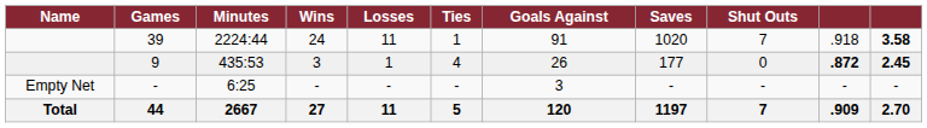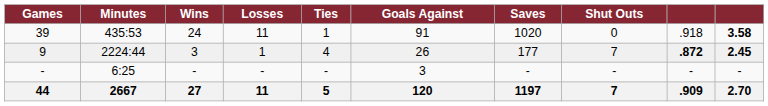 <table class="wikitable sortable" width ="1000">
 <tr align="center">
-<th style="color:white; background:#862633; ">Name</th>
 <th style="color:white; background:#862633; ">Games</th>
 <th style="color:white; background:#862633; ">Minutes</th>
 <th style="color:white; background:#862633; ">Wins</th>
 <th style="color:white; background:#862633; ">Losses</th>
 <th style="color:white; background:#862633; ">Ties</th>
 <th style="color:white; background:#862633; ">Goals Against</th>
 <th style="color:white; background:#862633; ">Saves</th>
 <th style="color:white; background:#862633; ">Shut Outs</th>
 <th style="color:white; background:#862633; "><a href='#'></a></th>
 <th style="color:white; background:#862633; "><a href='#'></a></th>
 </tr>
 <tr align="center" bgcolor="">
-<td></td>
 <td>39</td>
-<td>2224:44</td>
+<td>435:53</td>
 <td>24</td>
 <td>11</td>
 <td>1</td>
 <td>91</td>
 <td>1020</td>
-<td>7</td>
+<td>0</td>
 <td>.918</td>
 <td><strong>3.58</strong></td>
 </tr>
 <tr align="center" bgcolor="f0f0f0">
-<td></td>
 <td>9</td>
-<td>435:53</td>
+<td>2224:44</td>
 <td>3</td>
 <td>1</td>
 <td>4</td>
 <td>26</td>
 <td>177</td>
-<td>0</td>
+<td>7</td>
 <td><strong>.872</strong></td>
 <td><strong>2.45</strong></td>
 </tr>
 <tr align="center" bgcolor="">
-<td>Empty Net</td>
 <td>-</td>
 <td>6:25</td>
 <td>-</td>
 <td>-</td>
 <td>-</td>
 <td>3</td>
 <td>-</td>
 <td>-</td>
 <td>-</td>
 <td>-</td>
 </tr>
 <tr>
-<th>Total</th>
 <th>44</th>
 <th>2667</th>
 <th>27</th>
 <th>11</th>
 <th>5</th>
 <th>120</th>
 <th>1197</th>
 <th>7</th>
 <th>.909</th>
 <th>2.70</th>
 </tr>
 </table>
